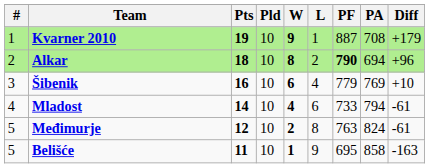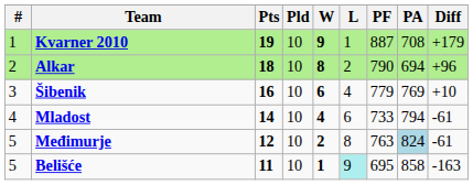 <table class=wikitable>
 <tr align=center>
 </tr>
 <tr>
 <th width=20>#</th>
 <th width=220>Team</th>
 <th width=20>Pts</th>
 <th width=20>Pld</th>
 <th width=20>W</th>
 <th width=20>L</th>
 <th width=20>PF</th>
 <th width=20>PA</th>
 <th width=20>Diff</th>
 </tr>
 <tr bgcolor=B0EE90>
 <td>1</td>
 <td align="left"><strong><a href='#'>Kvarner 2010</a></strong></td>
 <td><strong>19</strong></td>
 <td>10</td>
 <td><strong>9</strong></td>
 <td>1</td>
 <td>887</td>
 <td>708</td>
 <td>+179</td>
 </tr>
 <tr bgcolor=B0EE90>
 <td>2</td>
 <td align="left"><strong><a href='#'>Alkar</a></strong></td>
 <td><strong>18</strong></td>
 <td>10</td>
 <td><strong>8</strong></td>
 <td>2</td>
-<td><strong>790</strong></td>
+<td>790</td>
 <td>694</td>
 <td>+96</td>
 </tr>
 <tr>
 <td>3</td>
 <td align="left"><strong><a href='#'>Šibenik</a></strong></td>
 <td><strong>16</strong></td>
 <td>10</td>
 <td><strong>6</strong></td>
 <td>4</td>
 <td>779</td>
 <td>769</td>
 <td>+10</td>
 </tr>
 <tr>
 <td>4</td>
 <td align="left"><strong><a href='#'>Mladost</a></strong></td>
 <td><strong>14</strong></td>
 <td>10</td>
 <td><strong>4</strong></td>
 <td>6</td>
 <td>733</td>
 <td>794</td>
 <td>-61</td>
 </tr>
 <tr>
 <td>5</td>
 <td align="left"><strong><a href='#'>Međimurje</a></strong></td>
 <td><strong>12</strong></td>
 <td>10</td>
 <td><strong>2</strong></td>
 <td>8</td>
 <td>763</td>
-<td>824</td>
+<td style="background: lightblue;">824</td>
 <td>-61</td>
 </tr>
 <tr>
 <td>5</td>
 <td align="left"><strong><a href='#'>Belišće</a></strong></td>
 <td><strong>11</strong></td>
 <td>10</td>
 <td><strong>1</strong></td>
-<td>9</td>
+<td style="background: paleturquoise;">9</td>
 <td>695</td>
 <td>858</td>
 <td>-163</td>
 </tr>
 </table>
